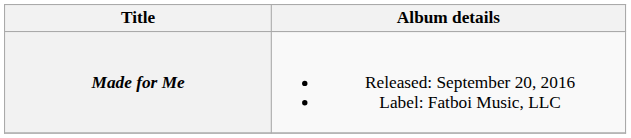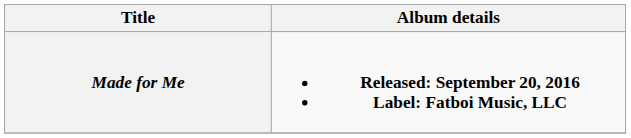 <table class="wikitable plainrowheaders" style="text-align:center;">
 <tr>
 <th style="width:15em;">Title</th>
 <th style="width:20em;">Album details</th>
 </tr>
 <tr>
 <th scope="row"><em>Made for Me</em></th>
-<td><br><ul><li>Released: September 20, 2016</li><li>Label: Fatboi Music, LLC</li></ul></td>
+<td><strong><br><ul><li>Released: September 20, 2016</li><li>Label: Fatboi Music, LLC</li></ul></strong></td>
 </tr>
 <tr>
 </tr>
 </table>
